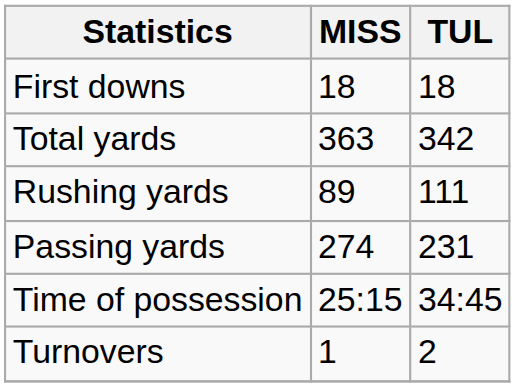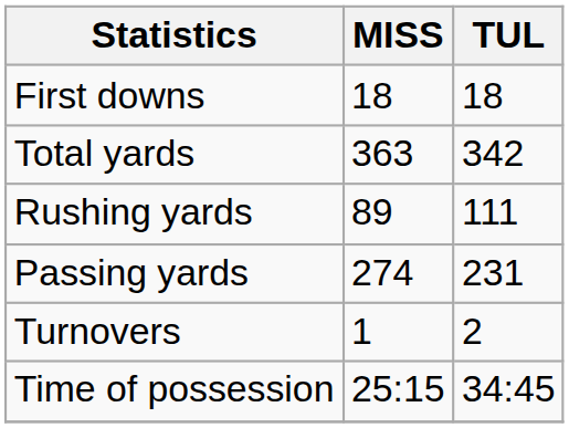 <table class="wikitable" style="float: left;">
 <tr>
 <th>Statistics</th>
 <th>MISS</th>
 <th>TUL</th>
 </tr>
 <tr>
 <td>First downs</td>
 <td>18</td>
 <td>18</td>
 </tr>
 <tr>
 <td>Total yards</td>
 <td>363</td>
 <td>342</td>
 </tr>
 <tr>
 <td>Rushing yards</td>
 <td>89</td>
 <td>111</td>
 </tr>
 <tr>
 <td>Passing yards</td>
 <td>274</td>
 <td>231</td>
 </tr>
 <tr>
+<td>Turnovers</td>
+<td>1</td>
+<td>2</td>
+</tr>
+<tr>
 <td>Time of possession</td>
 <td>25:15</td>
 <td>34:45</td>
 </tr>
 <tr>
-<td>Turnovers</td>
-<td>1</td>
-<td>2</td>
-</tr>
-<tr>
 </tr>
 </table>
